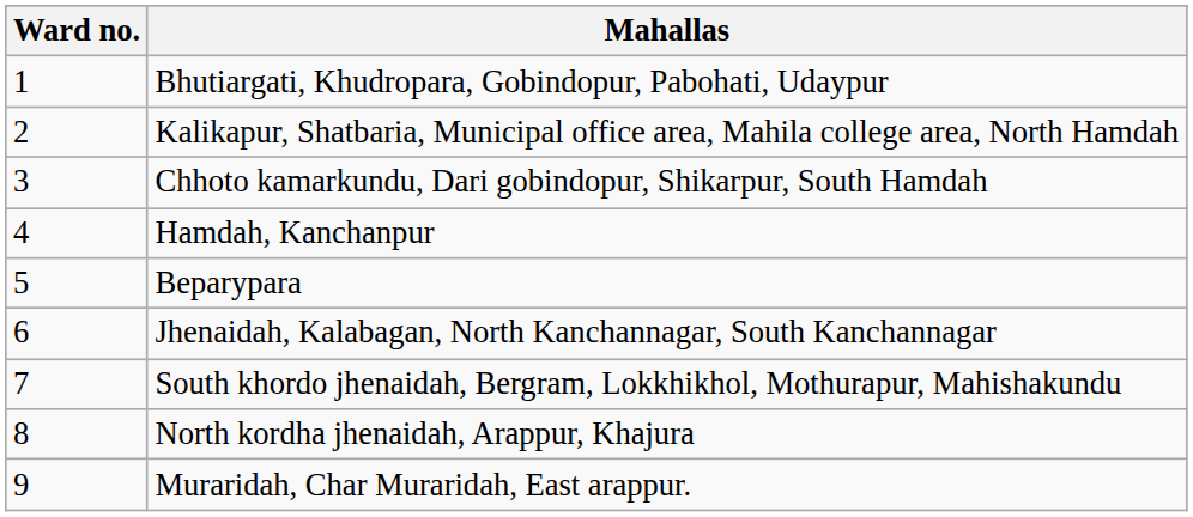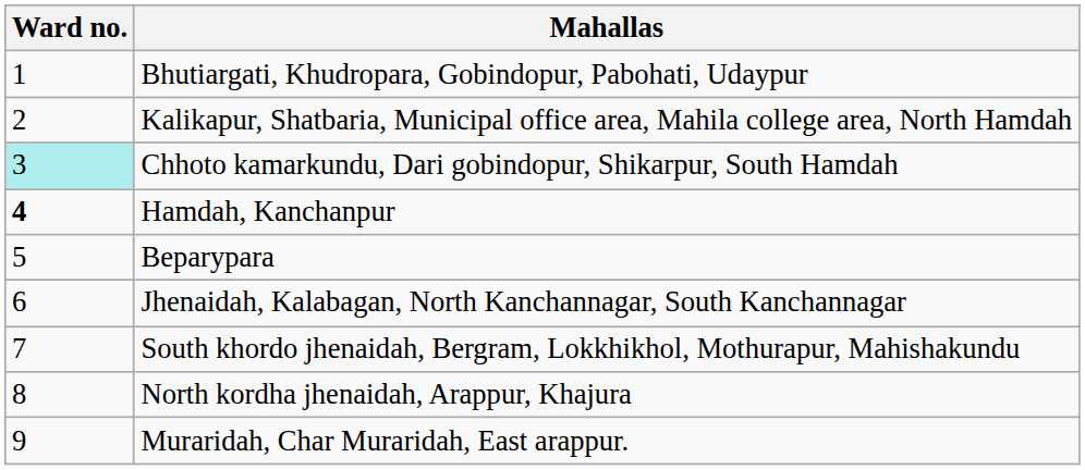 <table class="wikitable">
 <tr>
 <th>Ward no.</th>
 <th>Mahallas</th>
 </tr>
 <tr>
 <td>1</td>
 <td>Bhutiargati, Khudropara, Gobindopur, Pabohati, Udaypur</td>
 </tr>
 <tr>
 <td>2</td>
 <td>Kalikapur, Shatbaria, Municipal office area, Mahila college area, North Hamdah</td>
 </tr>
 <tr>
-<td>3</td>
+<td style="background: paleturquoise;">3</td>
 <td>Chhoto kamarkundu, Dari gobindopur, Shikarpur, South Hamdah</td>
 </tr>
 <tr>
-<td>4</td>
+<td><strong>4</strong></td>
 <td>Hamdah, Kanchanpur</td>
 </tr>
 <tr>
 <td>5</td>
 <td>Beparypara</td>
 </tr>
 <tr>
 <td>6</td>
 <td>Jhenaidah, Kalabagan, North Kanchannagar, South Kanchannagar</td>
 </tr>
 <tr>
 <td>7</td>
 <td>South khordo jhenaidah, Bergram, Lokkhikhol, Mothurapur, Mahishakundu</td>
 </tr>
 <tr>
 <td>8</td>
 <td>North kordha jhenaidah, Arappur, Khajura</td>
 </tr>
 <tr>
 <td>9</td>
 <td>Muraridah, Char Muraridah, East arappur.</td>
 </tr>
 </table>
